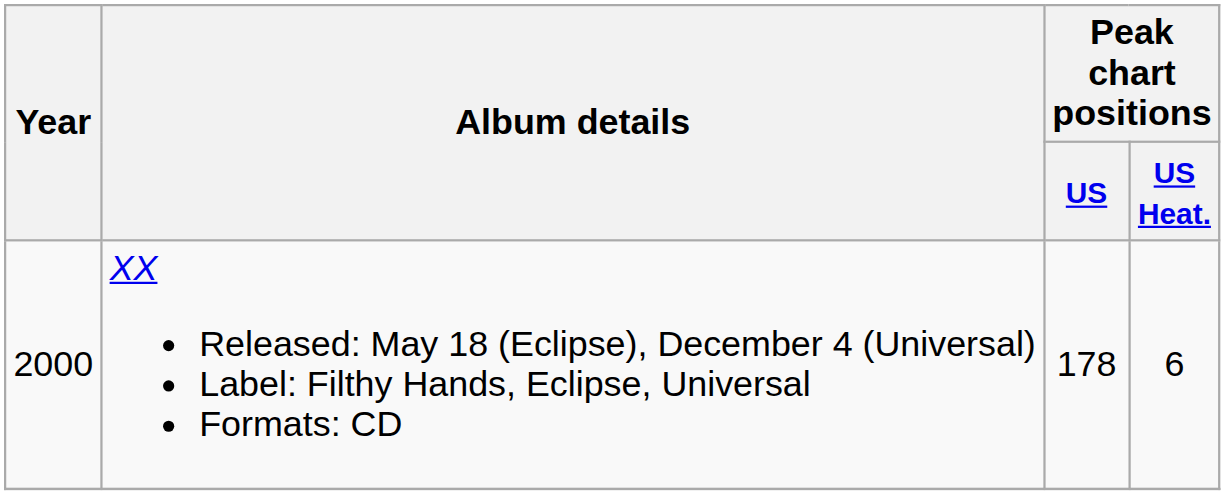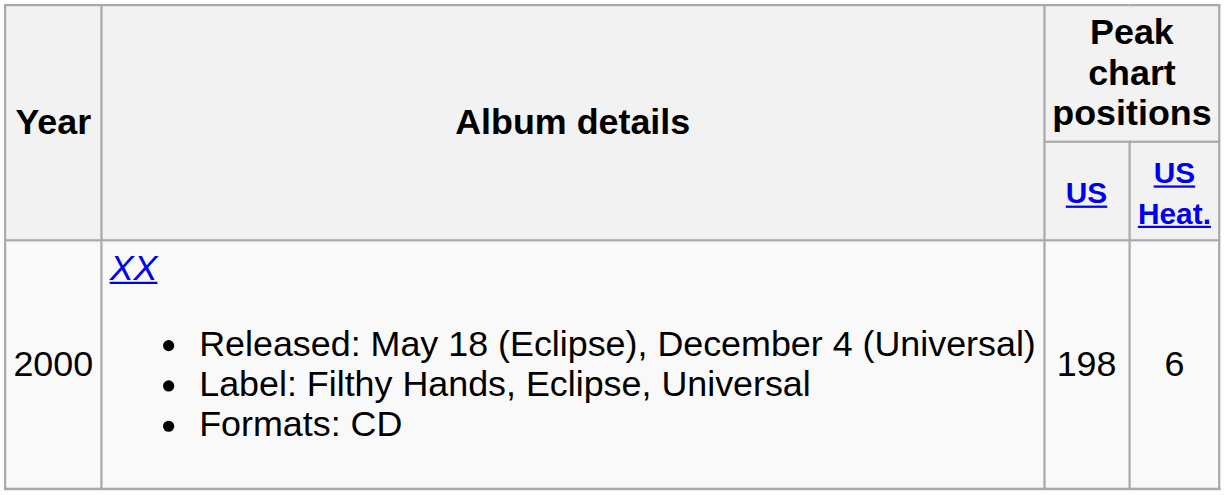 <table class="wikitable" border="1">
 <tr>
 <th rowspan="2">Year</th>
 <th rowspan="2">Album details</th>
 <th colspan="2">Peak chart positions</th>
 </tr>
 <tr>
 <th width="30"><small><a href='#'>US</a></small><br></th>
 <th width="30"><small><a href='#'>US Heat.</a></small><br></th>
 </tr>
 <tr>
 <td align="center">2000</td>
 <td><em><a href='#'>XX</a></em><br><ul><li>Released: May 18 (Eclipse), December 4 (Universal)</li><li>Label: Filthy Hands, Eclipse, Universal</li><li>Formats: CD</li></ul></td>
-<td align="center">178</td>
+<td align="center">198</td>
 <td align="center">6</td>
 </tr>
 <tr>
 </tr>
 </table>
